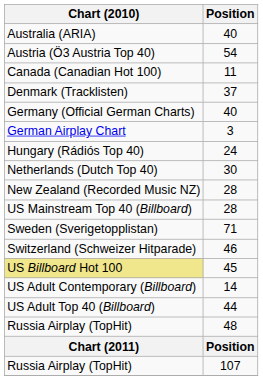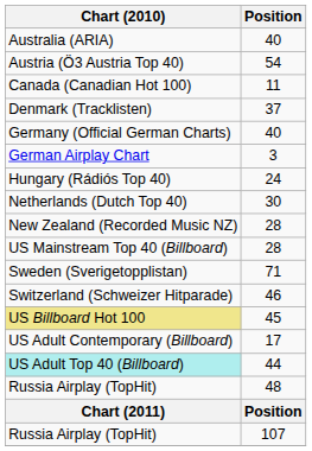 <table class="wikitable sortable">
 <tr>
 <th>Chart (2010)</th>
 <th>Position</th>
 </tr>
 <tr>
 <td>Australia (ARIA)</td>
 <td style="text-align:center;">40</td>
 </tr>
 <tr>
 <td>Austria (Ö3 Austria Top 40)</td>
 <td style="text-align:center;">54</td>
 </tr>
 <tr>
 <td>Canada (Canadian Hot 100)</td>
 <td style="text-align:center;">11</td>
 </tr>
 <tr>
 <td>Denmark (Tracklisten)</td>
 <td style="text-align:center;">37</td>
 </tr>
 <tr>
 <td>Germany (Official German Charts)</td>
 <td style="text-align:center;">40</td>
 </tr>
 <tr>
 <td><a href='#'>German Airplay Chart</a></td>
 <td style="text-align:center;">3</td>
 </tr>
 <tr>
 <td>Hungary (Rádiós Top 40)</td>
 <td style="text-align:center;">24</td>
 </tr>
 <tr>
 <td>Netherlands (Dutch Top 40)</td>
 <td style="text-align:center;">30</td>
 </tr>
 <tr>
 <td>New Zealand (Recorded Music NZ)</td>
 <td style="text-align:center;">28</td>
 </tr>
 <tr>
 <td>US Mainstream Top 40 (<em>Billboard</em>)</td>
 <td style="text-align:center;">28</td>
 </tr>
 <tr>
 <td>Sweden (Sverigetopplistan)</td>
 <td style="text-align:center;">71</td>
 </tr>
 <tr>
 <td>Switzerland (Schweizer Hitparade)</td>
 <td style="text-align:center;">46</td>
 </tr>
 <tr>
 <td style="background: khaki;">US <em>Billboard</em> Hot 100</td>
 <td style="text-align:center;">45</td>
 </tr>
 <tr>
 <td>US Adult Contemporary (<em>Billboard</em>)</td>
-<td style="text-align:center;">14</td>
+<td style="text-align:center;">17</td>
 </tr>
 <tr>
-<td>US Adult Top 40 (<em>Billboard</em>)</td>
+<td style="background: paleturquoise;">US Adult Top 40 (<em>Billboard</em>)</td>
 <td style="text-align:center;">44</td>
 </tr>
 <tr>
 <td>Russia Airplay (TopHit)</td>
 <td style="text-align:center;">48</td>
 </tr>
 <tr>
 <th>Chart (2011)</th>
 <th>Position</th>
 </tr>
 <tr>
 <td>Russia Airplay (TopHit)</td>
 <td style="text-align:center;">107</td>
 </tr>
 <tr>
 </tr>
 </table>
